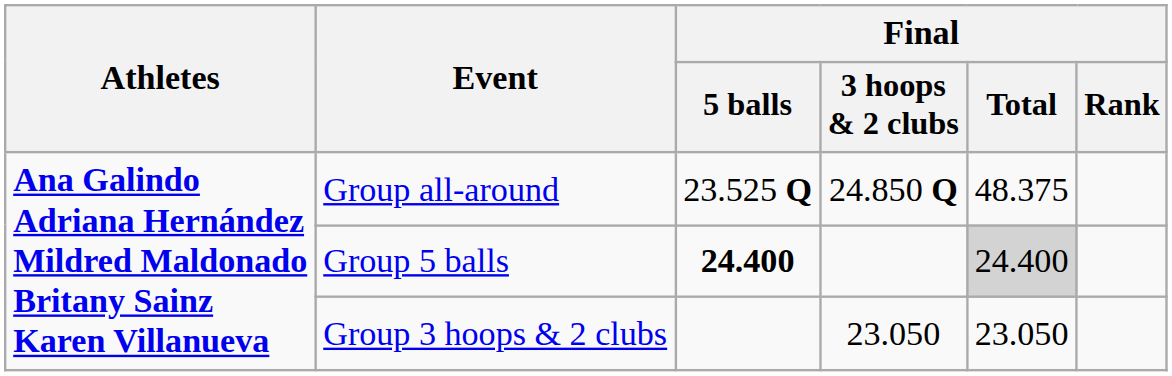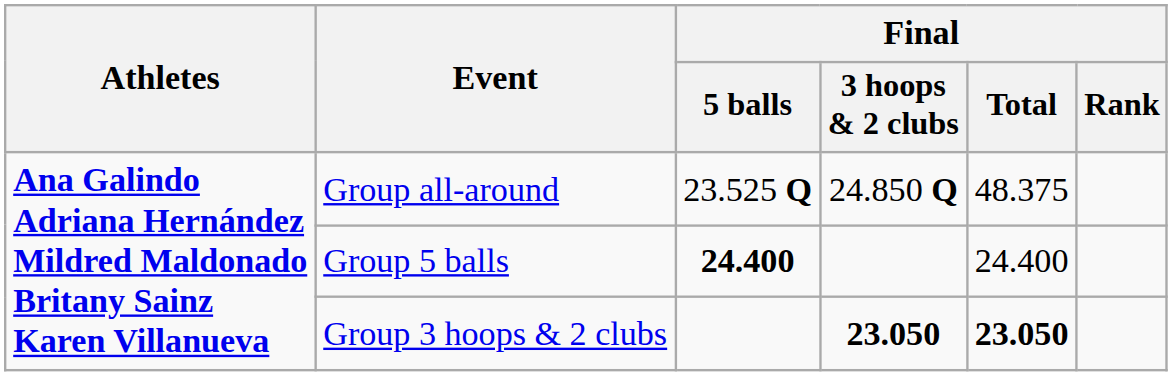 <table class="wikitable" style="font-size:90%">
 <tr>
 <th rowspan="2">Athletes</th>
 <th rowspan="2">Event</th>
 <th colspan="4">Final</th>
 </tr>
 <tr style="font-size:95%">
 <th>5 balls</th>
 <th>3 hoops<br>& 2 clubs</th>
 <th>Total</th>
 <th>Rank</th>
 </tr>
 <tr align=center>
 <td align=left rowspan=3><strong><a href='#'>Ana Galindo</a><br><a href='#'>Adriana Hernández</a><br><a href='#'>Mildred Maldonado</a><br><a href='#'>Britany Sainz</a><br><a href='#'>Karen Villanueva</a></strong></td>
 <td align=left><a href='#'>Group all-around</a></td>
 <td>23.525 <strong>Q</strong></td>
 <td>24.850 <strong>Q</strong></td>
 <td>48.375</td>
 <td></td>
 </tr>
 <tr align=center>
 <td align=left><a href='#'>Group 5 balls</a></td>
 <td><strong>24.400</strong></td>
 <td></td>
-<td style="background: lightgrey;">24.400</td>
+<td>24.400</td>
 <td></td>
 </tr>
 <tr align=center>
 <td align=left><a href='#'>Group 3 hoops & 2 clubs</a></td>
 <td></td>
-<td>23.050</td>
-<td>23.050</td>
+<td><strong>23.050</strong></td>
+<td><strong>23.050</strong></td>
 <td></td>
 </tr>
 </table>
